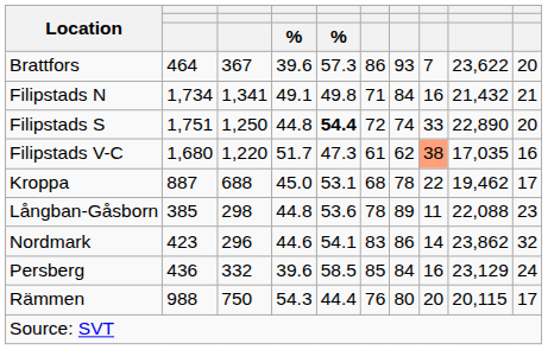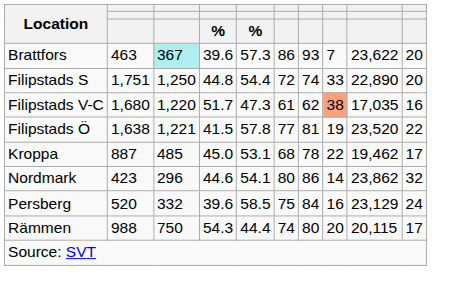 <table role="presentation" class="wikitable sortable mw-collapsible">
 <tr>
 <th rowspan="3">Location</th>
 <th></th>
 <th></th>
 <th></th>
 <th></th>
 <th></th>
 <th></th>
 <th></th>
 <th></th>
 <th></th>
 </tr>
 <tr>
 <th></th>
 <th></th>
 <th style="background:"></th>
 <th style="background:"></th>
 <th></th>
 <th></th>
 <th></th>
 <th></th>
 <th></th>
 </tr>
 <tr>
 <th data-sort-type="number"></th>
 <th data-sort-type="number"></th>
 <th data-sort-type="number">%</th>
 <th data-sort-type="number">%</th>
 <th data-sort-type="number"></th>
 <th data-sort-type="number"></th>
 <th data-sort-type="number"></th>
 <th data-sort-type="number"></th>
 <th data-sort-type="number"></th>
 </tr>
 <tr>
 <td align="left">Brattfors</td>
-<td>464</td>
-<td>367</td>
+<td>463</td>
+<td style="background: paleturquoise;">367</td>
 <td>39.6</td>
 <td>57.3</td>
 <td>86</td>
 <td>93</td>
 <td>7</td>
 <td>23,622</td>
 <td>20</td>
 </tr>
 <tr>
-<td align="left">Filipstads N</td>
-<td>1,734</td>
-<td>1,341</td>
-<td>49.1</td>
-<td>49.8</td>
-<td>71</td>
-<td>84</td>
-<td>16</td>
-<td>21,432</td>
-<td>21</td>
-</tr>
-<tr>
 <td align="left">Filipstads S</td>
 <td>1,751</td>
 <td>1,250</td>
 <td>44.8</td>
-<td><strong>54.4</strong></td>
+<td>54.4</td>
 <td>72</td>
 <td>74</td>
 <td>33</td>
 <td>22,890</td>
 <td>20</td>
 </tr>
 <tr>
 <td align="left">Filipstads V-C</td>
 <td>1,680</td>
 <td>1,220</td>
 <td>51.7</td>
 <td>47.3</td>
 <td>61</td>
 <td>62</td>
 <td style="background: lightsalmon;">38</td>
 <td>17,035</td>
 <td>16</td>
 </tr>
 <tr>
+<td align="left">Filipstads Ö</td>
+<td>1,638</td>
+<td>1,221</td>
+<td>41.5</td>
+<td>57.8</td>
+<td>77</td>
+<td>81</td>
+<td>19</td>
+<td>23,520</td>
+<td>22</td>
+</tr>
+<tr>
 <td align="left">Kroppa</td>
 <td>887</td>
-<td>688</td>
+<td>485</td>
 <td>45.0</td>
 <td>53.1</td>
 <td>68</td>
 <td>78</td>
 <td>22</td>
 <td>19,462</td>
 <td>17</td>
 </tr>
 <tr>
-<td align="left">Långban-Gåsborn</td>
-<td>385</td>
-<td>298</td>
-<td>44.8</td>
-<td>53.6</td>
-<td>78</td>
-<td>89</td>
-<td>11</td>
-<td>22,088</td>
-<td>23</td>
-</tr>
-<tr>
 <td align="left">Nordmark</td>
 <td>423</td>
 <td>296</td>
 <td>44.6</td>
 <td>54.1</td>
-<td>83</td>
+<td>80</td>
 <td>86</td>
 <td>14</td>
 <td>23,862</td>
 <td>32</td>
 </tr>
 <tr>
 <td align="left">Persberg</td>
-<td>436</td>
+<td>520</td>
 <td>332</td>
 <td>39.6</td>
 <td>58.5</td>
-<td>85</td>
+<td>75</td>
 <td>84</td>
 <td>16</td>
 <td>23,129</td>
 <td>24</td>
 </tr>
 <tr>
 <td align="left">Rämmen</td>
 <td>988</td>
 <td>750</td>
 <td>54.3</td>
 <td>44.4</td>
-<td>76</td>
+<td>74</td>
 <td>80</td>
 <td>20</td>
 <td>20,115</td>
 <td>17</td>
 </tr>
 <tr>
 <td colspan="10" align="left">Source: <a href='#'>SVT</a></td>
 </tr>
 </table>
